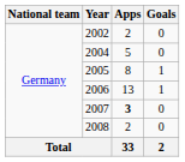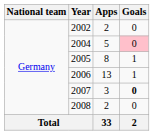 <table class="wikitable" style="text-align:center">
 <tr>
 <th>National team</th>
 <th>Year</th>
 <th>Apps</th>
 <th>Goals</th>
 </tr>
 <tr>
 <td rowspan="6"><a href='#'>Germany</a></td>
 <td>2002</td>
 <td>2</td>
 <td>0</td>
 </tr>
 <tr>
 <td>2004</td>
 <td>5</td>
-<td>0</td>
+<td style="background: pink;">0</td>
 </tr>
 <tr>
 <td>2005</td>
 <td>8</td>
 <td>1</td>
 </tr>
 <tr>
 <td>2006</td>
 <td>13</td>
 <td>1</td>
 </tr>
 <tr>
 <td>2007</td>
-<td><strong>3</strong></td>
-<td>0</td>
+<td>3</td>
+<td><strong>0</strong></td>
 </tr>
 <tr>
 <td>2008</td>
 <td>2</td>
 <td>0</td>
 </tr>
 <tr>
 <th colspan="2">Total</th>
 <th>33</th>
 <th>2</th>
 </tr>
 </table>
